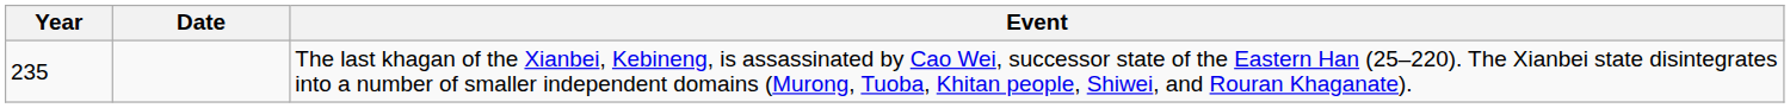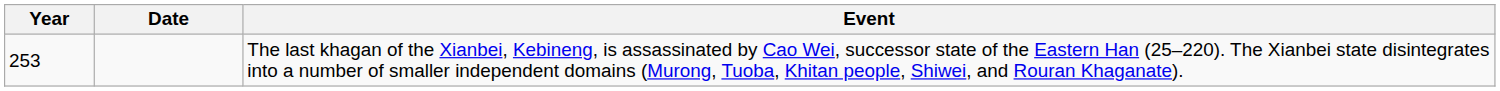 <table class="wikitable" width="100%">
 <tr>
 <th style="width:6%">Year</th>
 <th style="width:10%">Date</th>
 <th>Event</th>
 </tr>
 <tr>
-<td>235</td>
+<td>253</td>
 <td></td>
 <td>The last khagan of the <a href='#'>Xianbei</a>, <a href='#'>Kebineng</a>, is assassinated by <a href='#'>Cao Wei</a>, successor state of the <a href='#'>Eastern Han</a> (25–220). The Xianbei state disintegrates into a number of smaller independent domains (<a href='#'>Murong</a>, <a href='#'>Tuoba</a>, <a href='#'>Khitan people</a>, <a href='#'>Shiwei</a>, and <a href='#'>Rouran Khaganate</a>).</td>
 </tr>
 </table>
